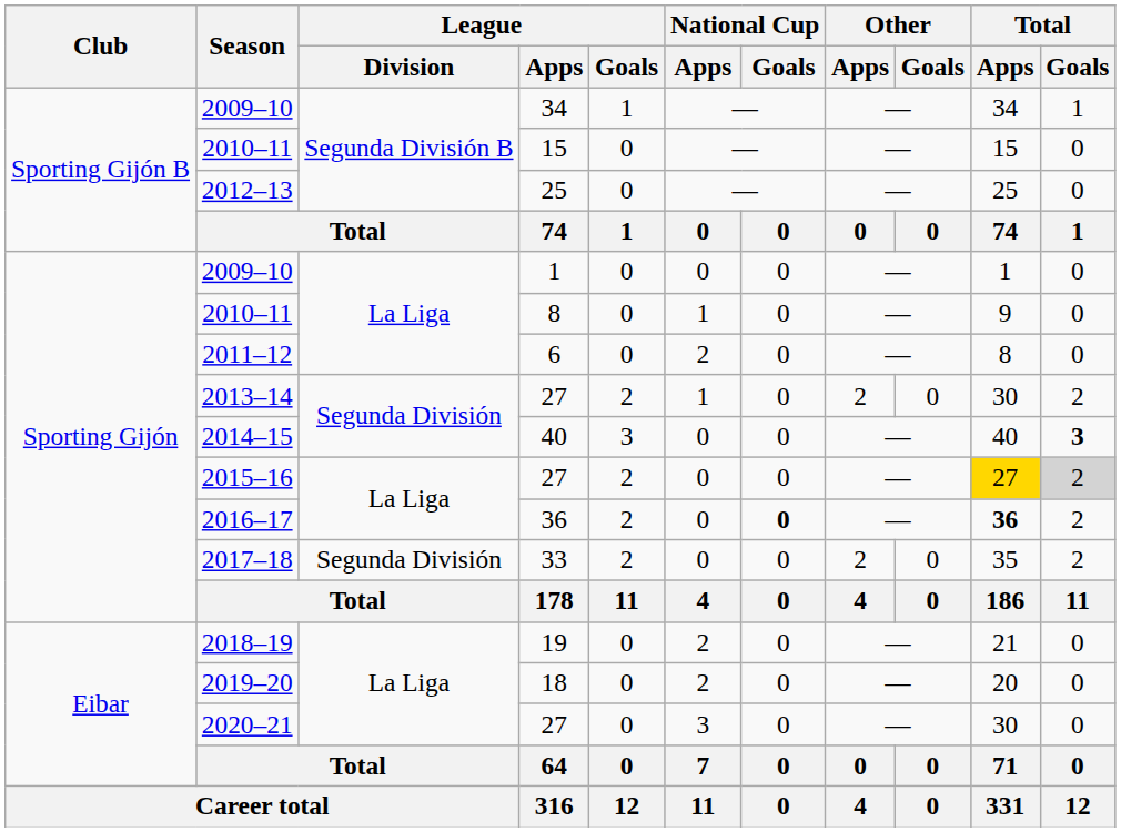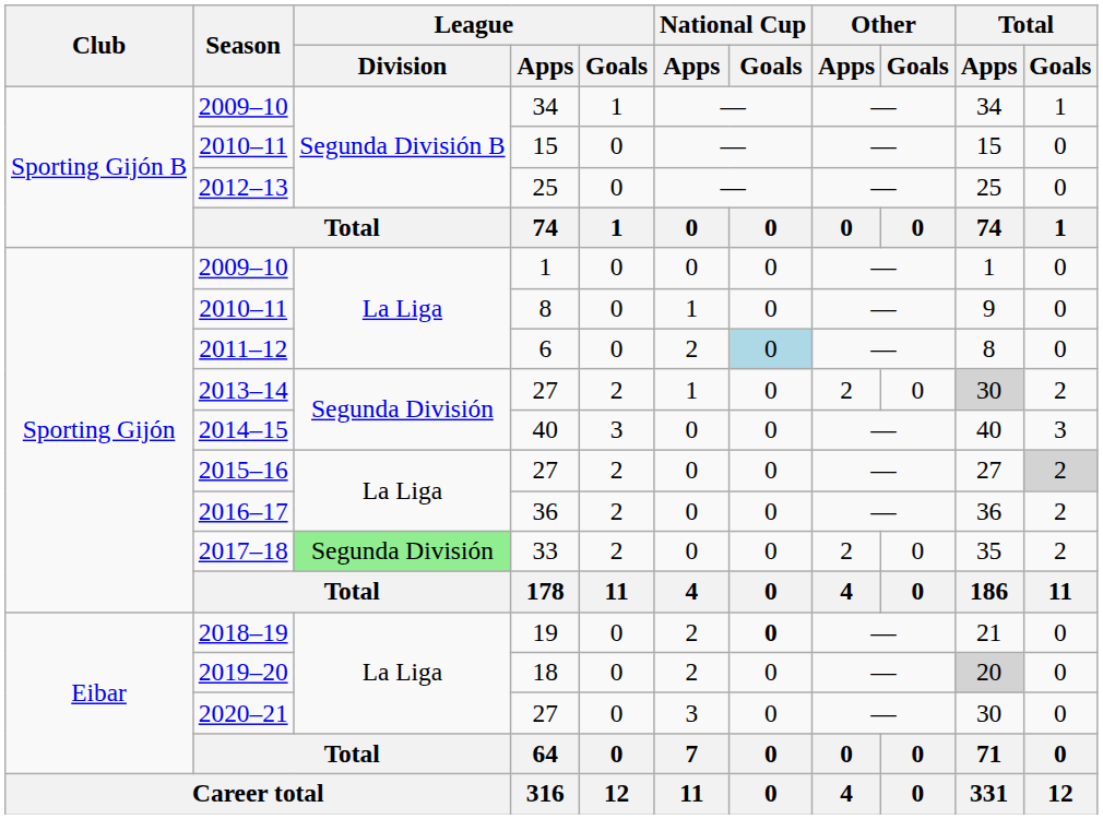 <table class="wikitable" style="text-align:center">
 <tr>
 <th rowspan="2">Club</th>
 <th rowspan="2">Season</th>
 <th colspan="3">League</th>
 <th colspan="2">National Cup</th>
 <th colspan="2">Other</th>
 <th colspan="2">Total</th>
 </tr>
 <tr>
 <th>Division</th>
 <th>Apps</th>
 <th>Goals</th>
 <th>Apps</th>
 <th>Goals</th>
 <th>Apps</th>
 <th>Goals</th>
 <th>Apps</th>
 <th>Goals</th>
 </tr>
 <tr>
 <td rowspan="4"><a href='#'>Sporting Gijón B</a></td>
 <td><a href='#'>2009–10</a></td>
 <td rowspan="3"><a href='#'>Segunda División B</a></td>
 <td>34</td>
 <td>1</td>
 <td colspan="2">—</td>
 <td colspan="2">—</td>
 <td>34</td>
 <td>1</td>
 </tr>
 <tr>
 <td><a href='#'>2010–11</a></td>
 <td>15</td>
 <td>0</td>
 <td colspan="2">—</td>
 <td colspan="2">—</td>
 <td>15</td>
 <td>0</td>
 </tr>
 <tr>
 <td><a href='#'>2012–13</a></td>
 <td>25</td>
 <td>0</td>
 <td colspan="2">—</td>
 <td colspan="2">—</td>
 <td>25</td>
 <td>0</td>
 </tr>
 <tr>
 <th colspan="2">Total</th>
 <th>74</th>
 <th>1</th>
 <th>0</th>
 <th>0</th>
 <th>0</th>
 <th>0</th>
 <th>74</th>
 <th>1</th>
 </tr>
 <tr>
 <td rowspan="9"><a href='#'>Sporting Gijón</a></td>
 <td><a href='#'>2009–10</a></td>
 <td rowspan="3"><a href='#'>La Liga</a></td>
 <td>1</td>
 <td>0</td>
 <td>0</td>
 <td>0</td>
 <td colspan="2">—</td>
 <td>1</td>
 <td>0</td>
 </tr>
 <tr>
 <td><a href='#'>2010–11</a></td>
 <td>8</td>
 <td>0</td>
 <td>1</td>
 <td>0</td>
 <td colspan="2">—</td>
 <td>9</td>
 <td>0</td>
 </tr>
 <tr>
 <td><a href='#'>2011–12</a></td>
 <td>6</td>
 <td>0</td>
 <td>2</td>
-<td>0</td>
+<td style="background: lightblue;">0</td>
 <td colspan="2">—</td>
 <td>8</td>
 <td>0</td>
 </tr>
 <tr>
 <td><a href='#'>2013–14</a></td>
 <td rowspan="2"><a href='#'>Segunda División</a></td>
 <td>27</td>
 <td>2</td>
 <td>1</td>
 <td>0</td>
 <td>2</td>
 <td>0</td>
-<td>30</td>
+<td style="background: lightgrey;">30</td>
 <td>2</td>
 </tr>
 <tr>
 <td><a href='#'>2014–15</a></td>
 <td>40</td>
 <td>3</td>
 <td>0</td>
 <td>0</td>
 <td colspan="2">—</td>
 <td>40</td>
-<td><strong>3</strong></td>
+<td>3</td>
 </tr>
 <tr>
 <td><a href='#'>2015–16</a></td>
 <td rowspan="2">La Liga</td>
 <td>27</td>
 <td>2</td>
 <td>0</td>
 <td>0</td>
 <td colspan="2">—</td>
-<td style="background: gold;">27</td>
+<td>27</td>
 <td style="background: lightgrey;">2</td>
 </tr>
 <tr>
 <td><a href='#'>2016–17</a></td>
 <td>36</td>
 <td>2</td>
 <td>0</td>
-<td><strong>0</strong></td>
+<td>0</td>
 <td colspan="2">—</td>
-<td><strong>36</strong></td>
+<td>36</td>
 <td>2</td>
 </tr>
 <tr>
 <td><a href='#'>2017–18</a></td>
-<td>Segunda División</td>
+<td style="background: lightgreen;">Segunda División</td>
 <td>33</td>
 <td>2</td>
 <td>0</td>
 <td>0</td>
 <td>2</td>
 <td>0</td>
 <td>35</td>
 <td>2</td>
 </tr>
 <tr>
 <th colspan="2">Total</th>
 <th>178</th>
 <th>11</th>
 <th>4</th>
 <th>0</th>
 <th>4</th>
 <th>0</th>
 <th>186</th>
 <th>11</th>
 </tr>
 <tr>
 <td rowspan="4"><a href='#'>Eibar</a></td>
 <td><a href='#'>2018–19</a></td>
 <td rowspan="3">La Liga</td>
 <td>19</td>
 <td>0</td>
 <td>2</td>
-<td>0</td>
+<td><strong>0</strong></td>
 <td colspan="2">—</td>
 <td>21</td>
 <td>0</td>
 </tr>
 <tr>
 <td><a href='#'>2019–20</a></td>
 <td>18</td>
 <td>0</td>
 <td>2</td>
 <td>0</td>
 <td colspan="2">—</td>
-<td>20</td>
+<td style="background: lightgrey;">20</td>
 <td>0</td>
 </tr>
 <tr>
 <td><a href='#'>2020–21</a></td>
 <td>27</td>
 <td>0</td>
 <td>3</td>
 <td>0</td>
 <td colspan="2">—</td>
 <td>30</td>
 <td>0</td>
 </tr>
 <tr>
 <th colspan="2">Total</th>
 <th>64</th>
 <th>0</th>
 <th>7</th>
 <th>0</th>
 <th>0</th>
 <th>0</th>
 <th>71</th>
 <th>0</th>
 </tr>
 <tr>
 <th colspan="3">Career total</th>
 <th>316</th>
 <th>12</th>
 <th>11</th>
 <th>0</th>
 <th>4</th>
 <th>0</th>
 <th>331</th>
 <th>12</th>
 </tr>
 </table>
